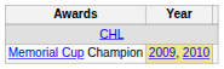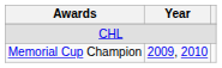 <table class="wikitable">
 <tr>
 <th>Awards</th>
 <th>Year</th>
 <th></th>
 </tr>
 <tr>
 </tr>
 <tr ALIGN="center" bgcolor="#e0e0e0">
 <td colspan="3"><a href='#'>CHL</a></td>
 </tr>
 <tr>
 <td><a href='#'>Memorial Cup</a> Champion</td>
-<td style="background: khaki;"><a href='#'>2009</a>, <a href='#'>2010</a></td>
+<td><a href='#'>2009</a>, <a href='#'>2010</a></td>
 <td></td>
 </tr>
 </table>
